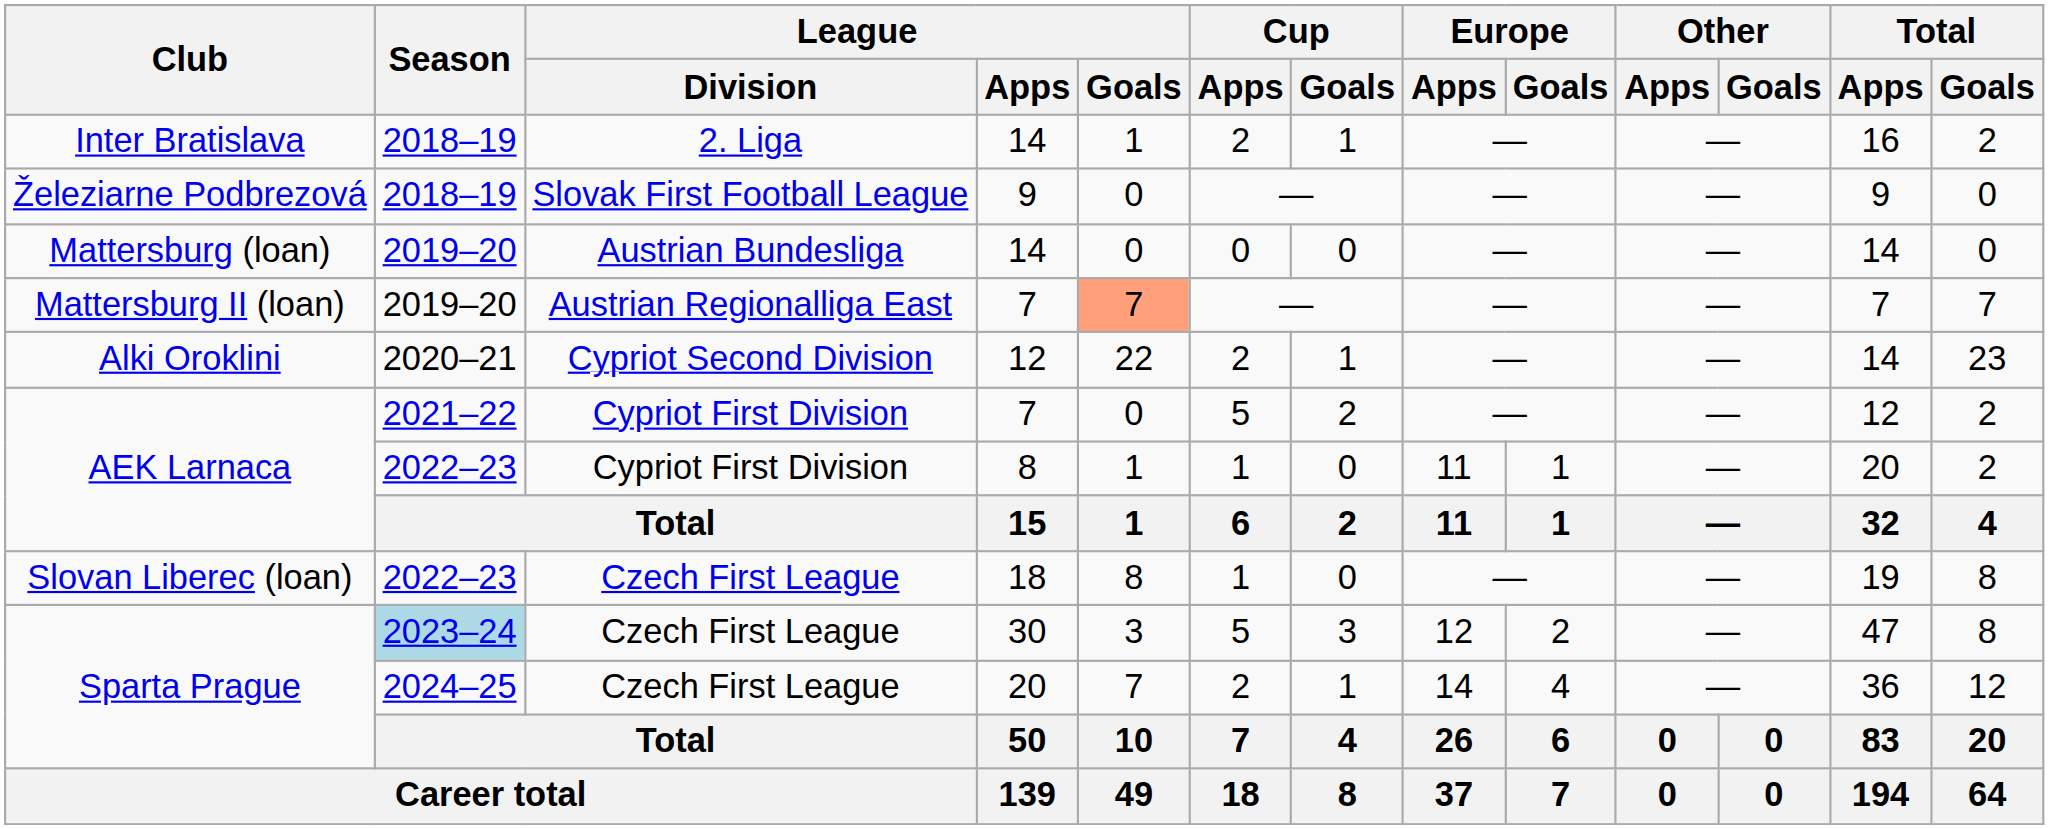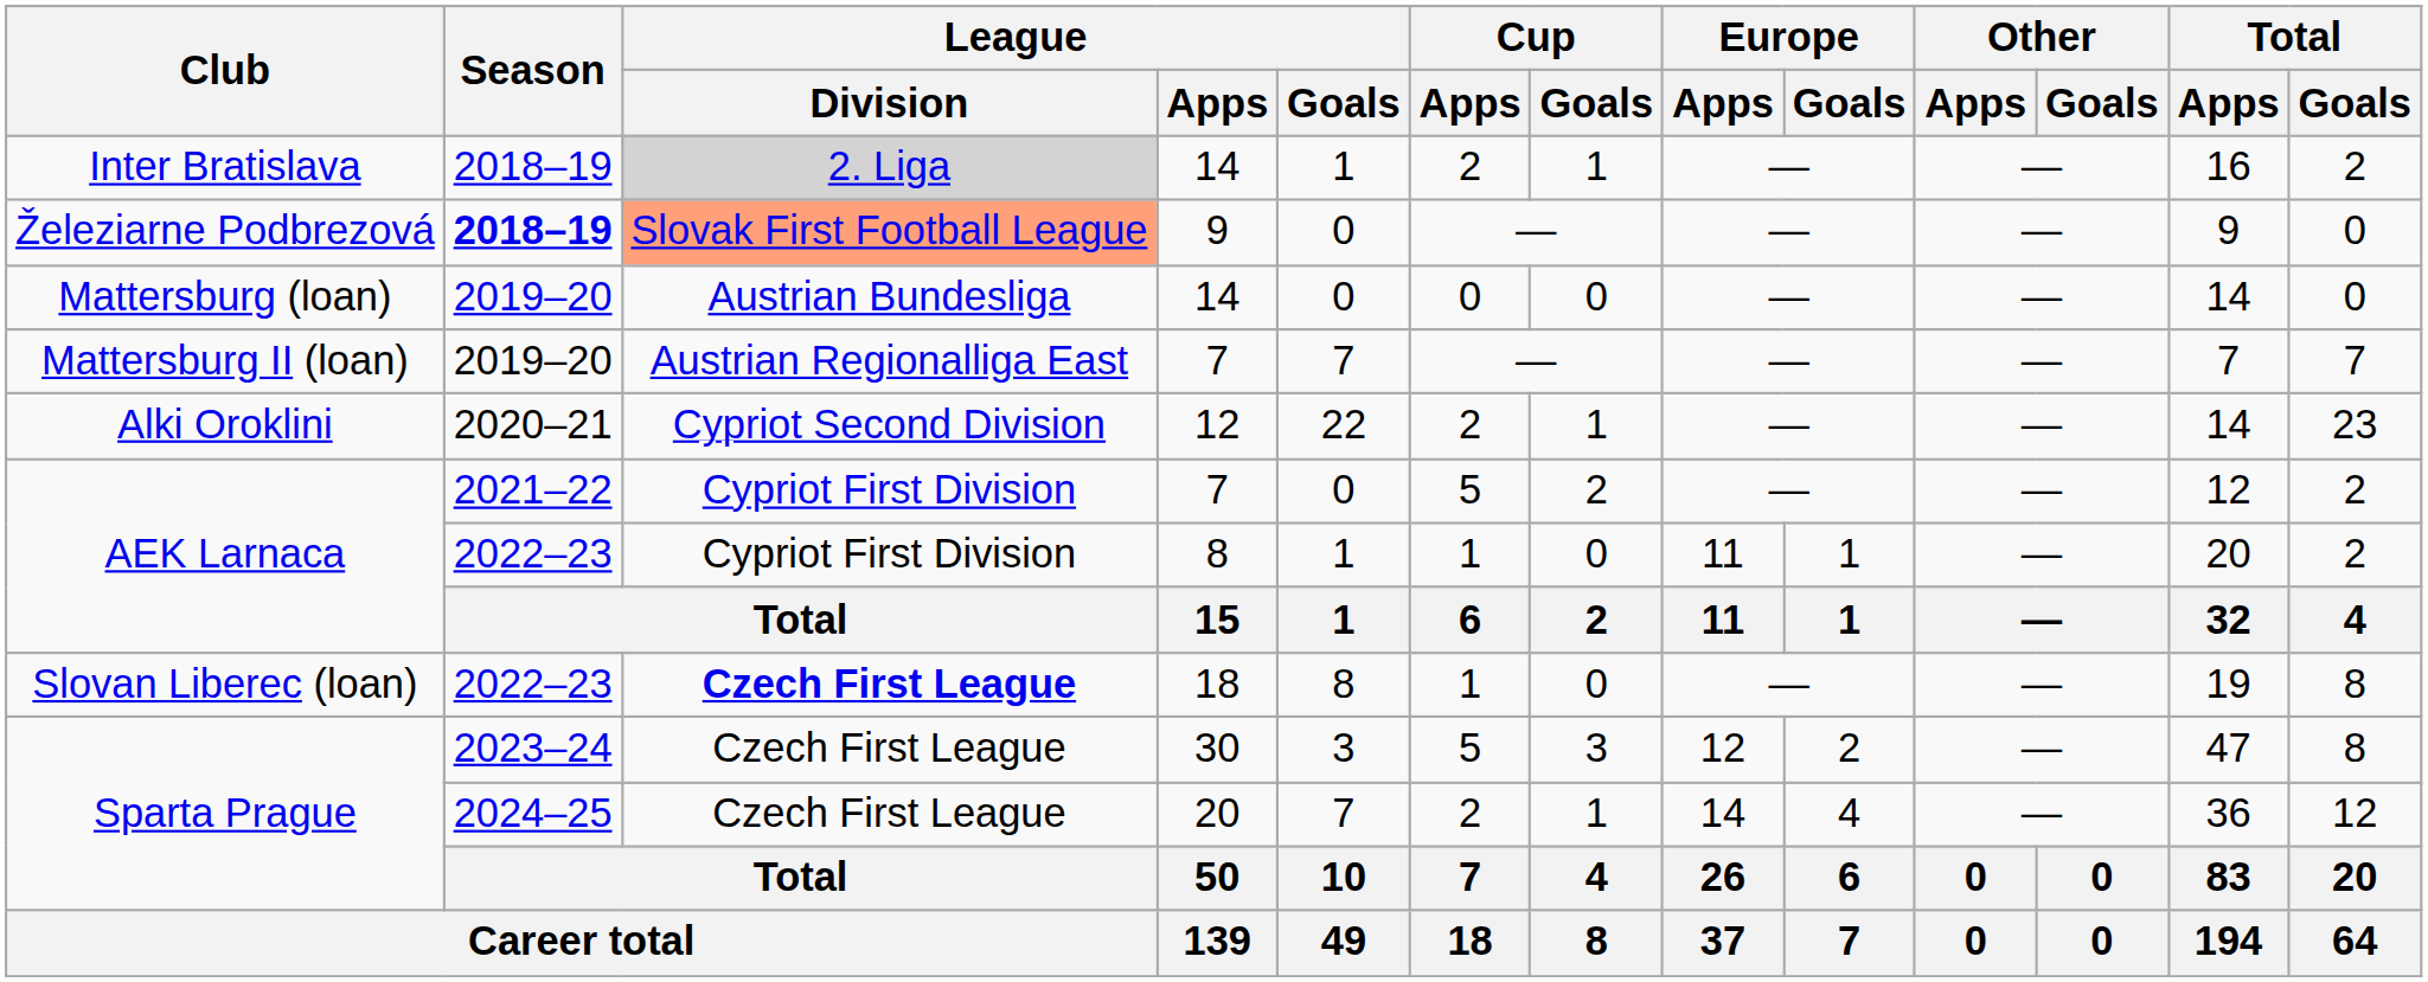 <table class="wikitable" style="text-align: center">
 <tr>
 <th rowspan="2">Club</th>
 <th rowspan="2">Season</th>
 <th colspan="3">League</th>
 <th colspan="2">Cup</th>
 <th colspan="2">Europe</th>
 <th colspan="2">Other</th>
 <th colspan="2">Total</th>
 </tr>
 <tr>
 <th>Division</th>
 <th>Apps</th>
 <th>Goals</th>
 <th>Apps</th>
 <th>Goals</th>
 <th>Apps</th>
 <th>Goals</th>
 <th>Apps</th>
 <th>Goals</th>
 <th>Apps</th>
 <th>Goals</th>
 </tr>
 <tr>
 <td><a href='#'>Inter Bratislava</a></td>
 <td><a href='#'>2018–19</a></td>
-<td><a href='#'>2. Liga</a></td>
+<td style="background: lightgrey;"><a href='#'>2. Liga</a></td>
 <td>14</td>
 <td>1</td>
 <td>2</td>
 <td>1</td>
 <td colspan="2">—</td>
 <td colspan="2">—</td>
 <td>16</td>
 <td>2</td>
 </tr>
 <tr>
 <td><a href='#'>Železiarne Podbrezová</a></td>
-<td><a href='#'>2018–19</a></td>
-<td><a href='#'>Slovak First Football League</a></td>
+<td><strong><a href='#'>2018–19</a></strong></td>
+<td style="background: lightsalmon;"><a href='#'>Slovak First Football League</a></td>
 <td>9</td>
 <td>0</td>
 <td colspan="2">—</td>
 <td colspan="2">—</td>
 <td colspan="2">—</td>
 <td>9</td>
 <td>0</td>
 </tr>
 <tr>
 <td><a href='#'>Mattersburg</a> (loan)</td>
 <td><a href='#'>2019–20</a></td>
 <td><a href='#'>Austrian Bundesliga</a></td>
 <td>14</td>
 <td>0</td>
 <td>0</td>
 <td>0</td>
 <td colspan="2">—</td>
 <td colspan="2">—</td>
 <td>14</td>
 <td>0</td>
 </tr>
 <tr>
 <td><a href='#'>Mattersburg II</a> (loan)</td>
 <td>2019–20</td>
 <td><a href='#'>Austrian Regionalliga East</a></td>
 <td>7</td>
-<td style="background: lightsalmon;">7</td>
+<td>7</td>
 <td colspan="2">—</td>
 <td colspan="2">—</td>
 <td colspan="2">—</td>
 <td>7</td>
 <td>7</td>
 </tr>
 <tr>
 <td><a href='#'>Alki Oroklini</a></td>
 <td>2020–21</td>
 <td><a href='#'>Cypriot Second Division</a></td>
 <td>12</td>
 <td>22</td>
 <td>2</td>
 <td>1</td>
 <td colspan="2">—</td>
 <td colspan="2">—</td>
 <td>14</td>
 <td>23</td>
 </tr>
 <tr>
 <td rowspan="3"><a href='#'>AEK Larnaca</a></td>
 <td><a href='#'>2021–22</a></td>
 <td><a href='#'>Cypriot First Division</a></td>
 <td>7</td>
 <td>0</td>
 <td>5</td>
 <td>2</td>
 <td colspan="2">—</td>
 <td colspan="2">—</td>
 <td>12</td>
 <td>2</td>
 </tr>
 <tr>
 <td><a href='#'>2022–23</a></td>
 <td>Cypriot First Division</td>
 <td>8</td>
 <td>1</td>
 <td>1</td>
 <td>0</td>
 <td>11</td>
 <td>1</td>
 <td colspan="2">—</td>
 <td>20</td>
 <td>2</td>
 </tr>
 <tr>
 <th colspan="2">Total</th>
 <th>15</th>
 <th>1</th>
 <th>6</th>
 <th>2</th>
 <th>11</th>
 <th>1</th>
 <th colspan="2">—</th>
 <th>32</th>
 <th>4</th>
 </tr>
 <tr>
 <td><a href='#'>Slovan Liberec</a> (loan)</td>
 <td><a href='#'>2022–23</a></td>
-<td><a href='#'>Czech First League</a></td>
+<td><strong><a href='#'>Czech First League</a></strong></td>
 <td>18</td>
 <td>8</td>
 <td>1</td>
 <td>0</td>
 <td colspan="2">—</td>
 <td colspan="2">—</td>
 <td>19</td>
 <td>8</td>
 </tr>
 <tr>
 <td rowspan="3"><a href='#'>Sparta Prague</a></td>
-<td style="background: lightblue;"><a href='#'>2023–24</a></td>
+<td><a href='#'>2023–24</a></td>
 <td>Czech First League</td>
 <td>30</td>
 <td>3</td>
 <td>5</td>
 <td>3</td>
 <td>12</td>
 <td>2</td>
 <td colspan="2">—</td>
 <td>47</td>
 <td>8</td>
 </tr>
 <tr>
 <td><a href='#'>2024–25</a></td>
 <td>Czech First League</td>
 <td>20</td>
 <td>7</td>
 <td>2</td>
 <td>1</td>
 <td>14</td>
 <td>4</td>
 <td colspan="2">—</td>
 <td>36</td>
 <td>12</td>
 </tr>
 <tr>
 <th colspan="2">Total</th>
 <th>50</th>
 <th>10</th>
 <th>7</th>
 <th>4</th>
 <th>26</th>
 <th>6</th>
 <th>0</th>
 <th>0</th>
 <th>83</th>
 <th>20</th>
 </tr>
 <tr>
 <th colspan="3">Career total</th>
 <th>139</th>
 <th>49</th>
 <th>18</th>
 <th>8</th>
 <th>37</th>
 <th>7</th>
 <th>0</th>
 <th>0</th>
 <th>194</th>
 <th>64</th>
 </tr>
 </table>
